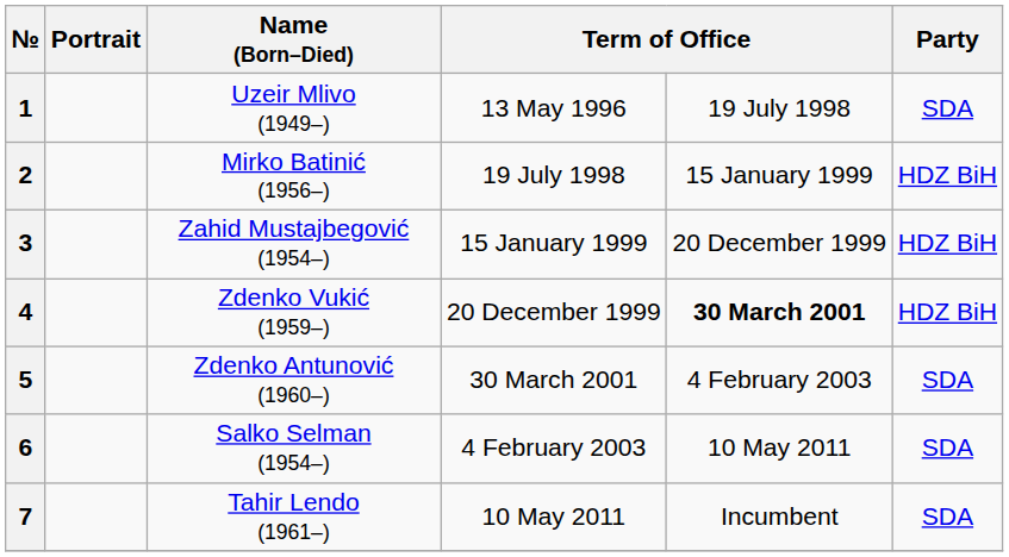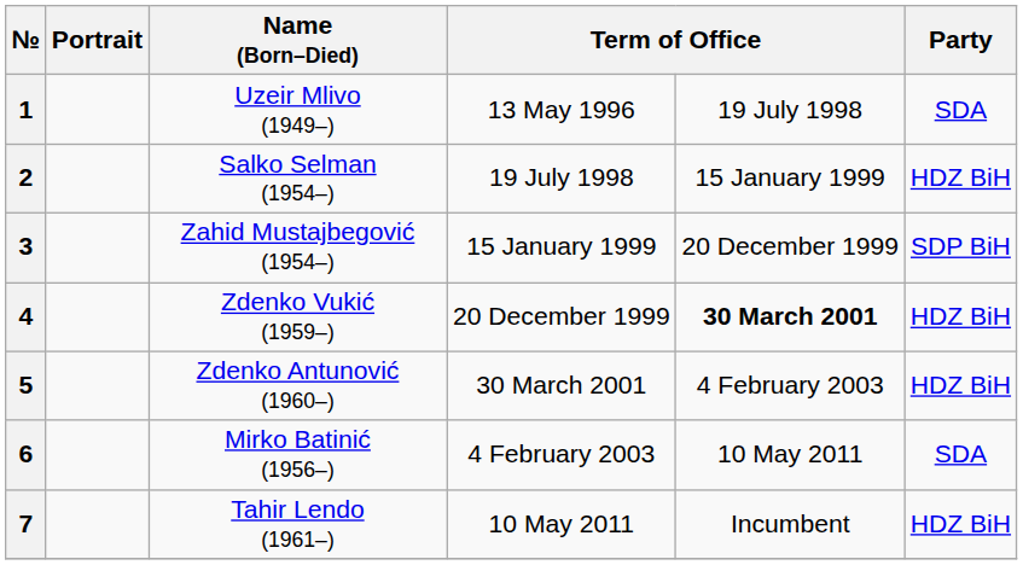 <table class="wikitable" style="text-align:center">
 <tr ->
 <th>№</th>
 <th>Portrait</th>
 <th width=180>Name<br><small>(Born–Died)</small></th>
 <th colspan=2>Term of Office</th>
 <th>Party</th>
 </tr>
 <tr ->
 <th style="background:">1</th>
 <td></td>
 <td><a href='#'>Uzeir Mlivo</a><br><small>(1949–)</small></td>
 <td>13 May 1996</td>
 <td>19 July 1998</td>
 <td><a href='#'>SDA</a></td>
 </tr>
 <tr ->
 <th style="background:">2</th>
 <td></td>
-<td><a href='#'>Mirko Batinić</a><br><small>(1956–)</small></td>
+<td><a href='#'>Salko Selman</a><br><small>(1954–)</small></td>
 <td>19 July 1998</td>
 <td>15 January 1999</td>
 <td><a href='#'>HDZ BiH</a></td>
 </tr>
 <tr ->
 <th style="background:">3</th>
 <td></td>
 <td><a href='#'>Zahid Mustajbegović</a><br><small>(1954–)</small></td>
 <td>15 January 1999</td>
 <td>20 December 1999</td>
-<td><a href='#'>HDZ BiH</a></td>
+<td><a href='#'>SDP BiH</a></td>
 </tr>
 <tr ->
 <th style="background:">4</th>
 <td></td>
 <td><a href='#'>Zdenko Vukić</a><br><small>(1959–)</small></td>
 <td>20 December 1999</td>
 <td><strong>30 March 2001</strong></td>
 <td><a href='#'>HDZ BiH</a></td>
 </tr>
 <tr ->
 <th style="background:">5</th>
 <td></td>
 <td><a href='#'>Zdenko Antunović</a><br><small>(1960–)</small></td>
 <td>30 March 2001</td>
 <td>4 February 2003</td>
-<td><a href='#'>SDA</a></td>
+<td><a href='#'>HDZ BiH</a></td>
 </tr>
 <tr ->
 <th style="background:">6</th>
 <td></td>
-<td><a href='#'>Salko Selman</a><br><small>(1954–)</small></td>
+<td><a href='#'>Mirko Batinić</a><br><small>(1956–)</small></td>
 <td>4 February 2003</td>
 <td>10 May 2011</td>
 <td><a href='#'>SDA</a></td>
 </tr>
 <tr ->
 <th style="background:">7</th>
 <td></td>
 <td><a href='#'>Tahir Lendo</a><br><small>(1961–)</small></td>
 <td>10 May 2011</td>
 <td>Incumbent</td>
-<td><a href='#'>SDA</a></td>
+<td><a href='#'>HDZ BiH</a></td>
 </tr>
 <tr ->
 </tr>
 </table>
